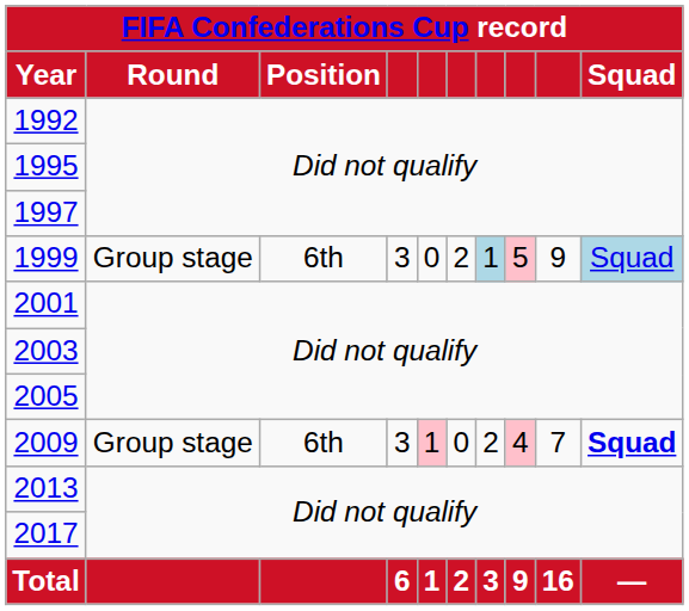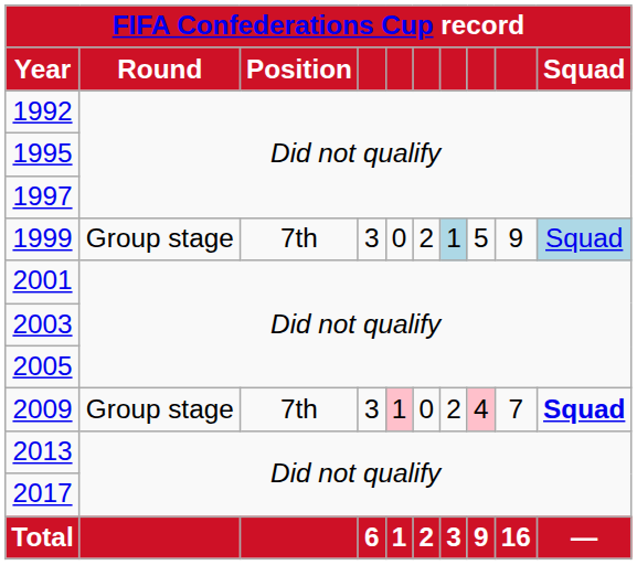 <table class="wikitable" style="text-align:center">
 <tr>
 <th colspan="10" style="background:#CE1126; color:#FFFFFF; "><a href='#'><span>FIFA Confederations Cup</span></a> record</th>
 </tr>
 <tr>
 <th style="background:#CE1126; color:#FFFFFF; ">Year</th>
 <th style="background:#CE1126; color:#FFFFFF; ">Round</th>
 <th style="background:#CE1126; color:#FFFFFF; ">Position</th>
 <th style="background:#CE1126; color:#FFFFFF; "></th>
 <th style="background:#CE1126; color:#FFFFFF; "></th>
 <th style="background:#CE1126; color:#FFFFFF; "></th>
 <th style="background:#CE1126; color:#FFFFFF; "></th>
 <th style="background:#CE1126; color:#FFFFFF; "></th>
 <th style="background:#CE1126; color:#FFFFFF; "></th>
 <th style="background:#CE1126; color:#FFFFFF; ">Squad</th>
 </tr>
 <tr>
 <td> <a href='#'>1992</a></td>
 <td rowspan=3 colspan=9><em>Did not qualify</em></td>
 </tr>
 <tr>
 <td> <a href='#'>1995</a></td>
 </tr>
 <tr>
 <td> <a href='#'>1997</a></td>
 </tr>
 <tr>
 <td> <a href='#'>1999</a></td>
 <td>Group stage</td>
-<td>6th</td>
+<td>7th</td>
 <td>3</td>
 <td>0</td>
 <td>2</td>
 <td style="background: lightblue;">1</td>
-<td style="background: pink;">5</td>
+<td>5</td>
 <td>9</td>
 <td style="background: lightblue;"><a href='#'>Squad</a></td>
 </tr>
 <tr>
 <td>  <a href='#'>2001</a></td>
 <td rowspan="3" colspan="9"><em>Did not qualify</em></td>
 </tr>
 <tr>
 <td> <a href='#'>2003</a></td>
 </tr>
 <tr>
 <td> <a href='#'>2005</a></td>
 </tr>
 <tr>
 <td> <a href='#'>2009</a></td>
 <td>Group stage</td>
-<td>6th</td>
+<td>7th</td>
 <td>3</td>
 <td style="background: pink;">1</td>
 <td>0</td>
 <td>2</td>
 <td style="background: pink;">4</td>
 <td>7</td>
 <td><strong><a href='#'>Squad</a></strong></td>
 </tr>
 <tr>
 <td> <a href='#'>2013</a></td>
 <td rowspan="2" colspan="9"><em>Did not qualify</em></td>
 </tr>
 <tr>
 <td> <a href='#'>2017</a></td>
 </tr>
 <tr>
 <th style="background:#CE1126; color:#FFFFFF; ">Total</th>
 <th style="background:#CE1126; color:#FFFFFF; "></th>
 <th style="background:#CE1126; color:#FFFFFF; "></th>
 <th style="background:#CE1126; color:#FFFFFF; ">6</th>
 <th style="background:#CE1126; color:#FFFFFF; ">1</th>
 <th style="background:#CE1126; color:#FFFFFF; ">2</th>
 <th style="background:#CE1126; color:#FFFFFF; ">3</th>
 <th style="background:#CE1126; color:#FFFFFF; ">9</th>
 <th style="background:#CE1126; color:#FFFFFF; ">16</th>
 <th style="background:#CE1126; color:#FFFFFF; ">—</th>
 </tr>
 </table>
